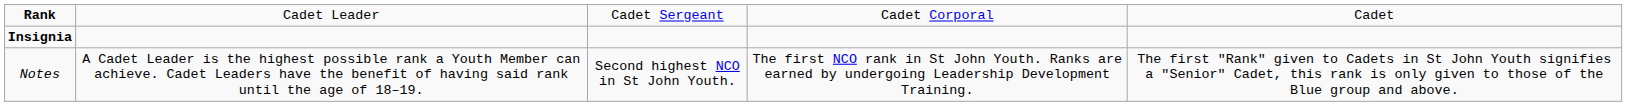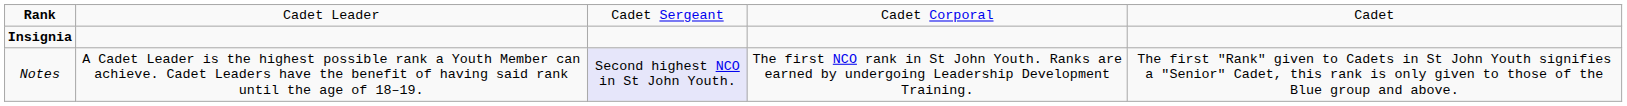 <table class="wikitable" style="text-align:center">
 <tr>
 <td><strong>Rank</strong></td>
 <td>Cadet Leader</td>
 <td>Cadet <a href='#'>Sergeant</a></td>
 <td>Cadet <a href='#'>Corporal</a></td>
 <td>Cadet</td>
 </tr>
 <tr>
 <td><strong>Insignia</strong></td>
 <td></td>
 <td></td>
 <td></td>
 <td></td>
 </tr>
 <tr>
 <td><em>Notes</em></td>
 <td>A Cadet Leader is the highest possible rank a Youth Member can achieve. Cadet Leaders have the benefit of having said rank until the age of 18–19.</td>
-<td>Second highest <a href='#'>NCO</a> in St John Youth.</td>
+<td style="background: lavender;">Second highest <a href='#'>NCO</a> in St John Youth.</td>
 <td>The first <a href='#'>NCO</a> rank in St John Youth. Ranks are earned by undergoing Leadership Development Training.</td>
 <td>The first "Rank" given to Cadets in St John Youth signifies a "Senior" Cadet, this rank is only given to those of the Blue group and above.</td>
 </tr>
 </table>
